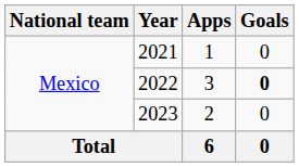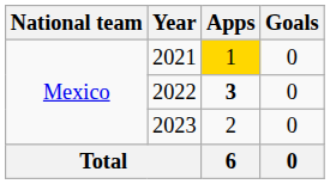 <table class="wikitable" style="text-align: center;">
 <tr>
 <th>National team</th>
 <th>Year</th>
 <th>Apps</th>
 <th>Goals</th>
 </tr>
 <tr>
 <td rowspan="3" valign="center"><a href='#'>Mexico</a></td>
 <td>2021</td>
-<td>1</td>
+<td style="background: gold;">1</td>
 <td>0</td>
 </tr>
 <tr>
 <td>2022</td>
-<td>3</td>
-<td><strong>0</strong></td>
+<td><strong>3</strong></td>
+<td>0</td>
 </tr>
 <tr>
 <td>2023</td>
 <td>2</td>
 <td>0</td>
 </tr>
 <tr>
 <th colspan="2">Total</th>
 <th>6</th>
 <th>0</th>
 </tr>
 </table>
